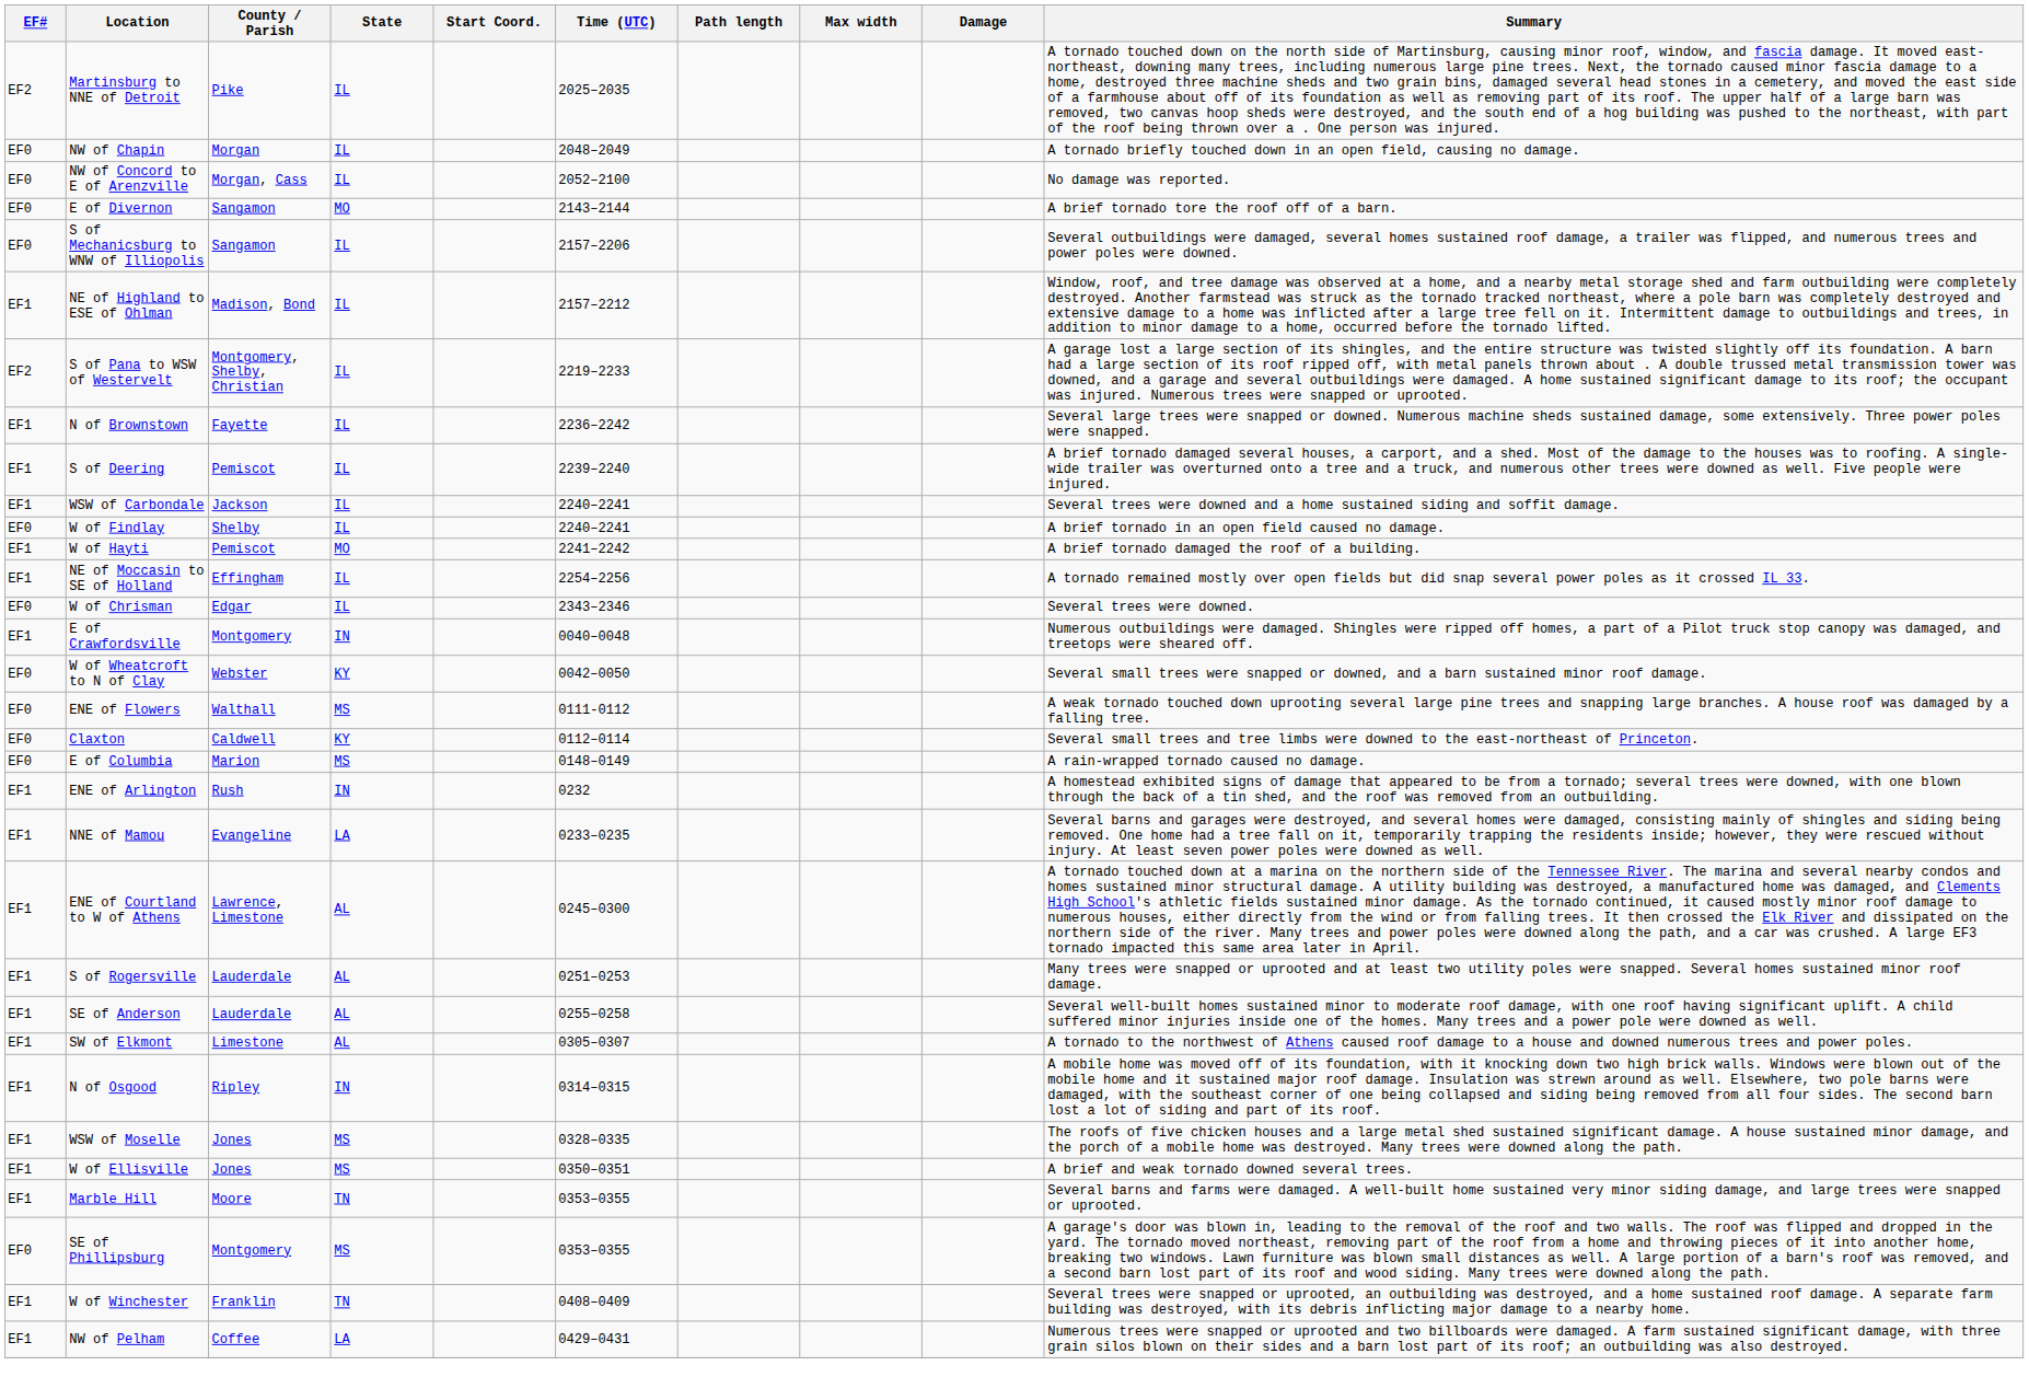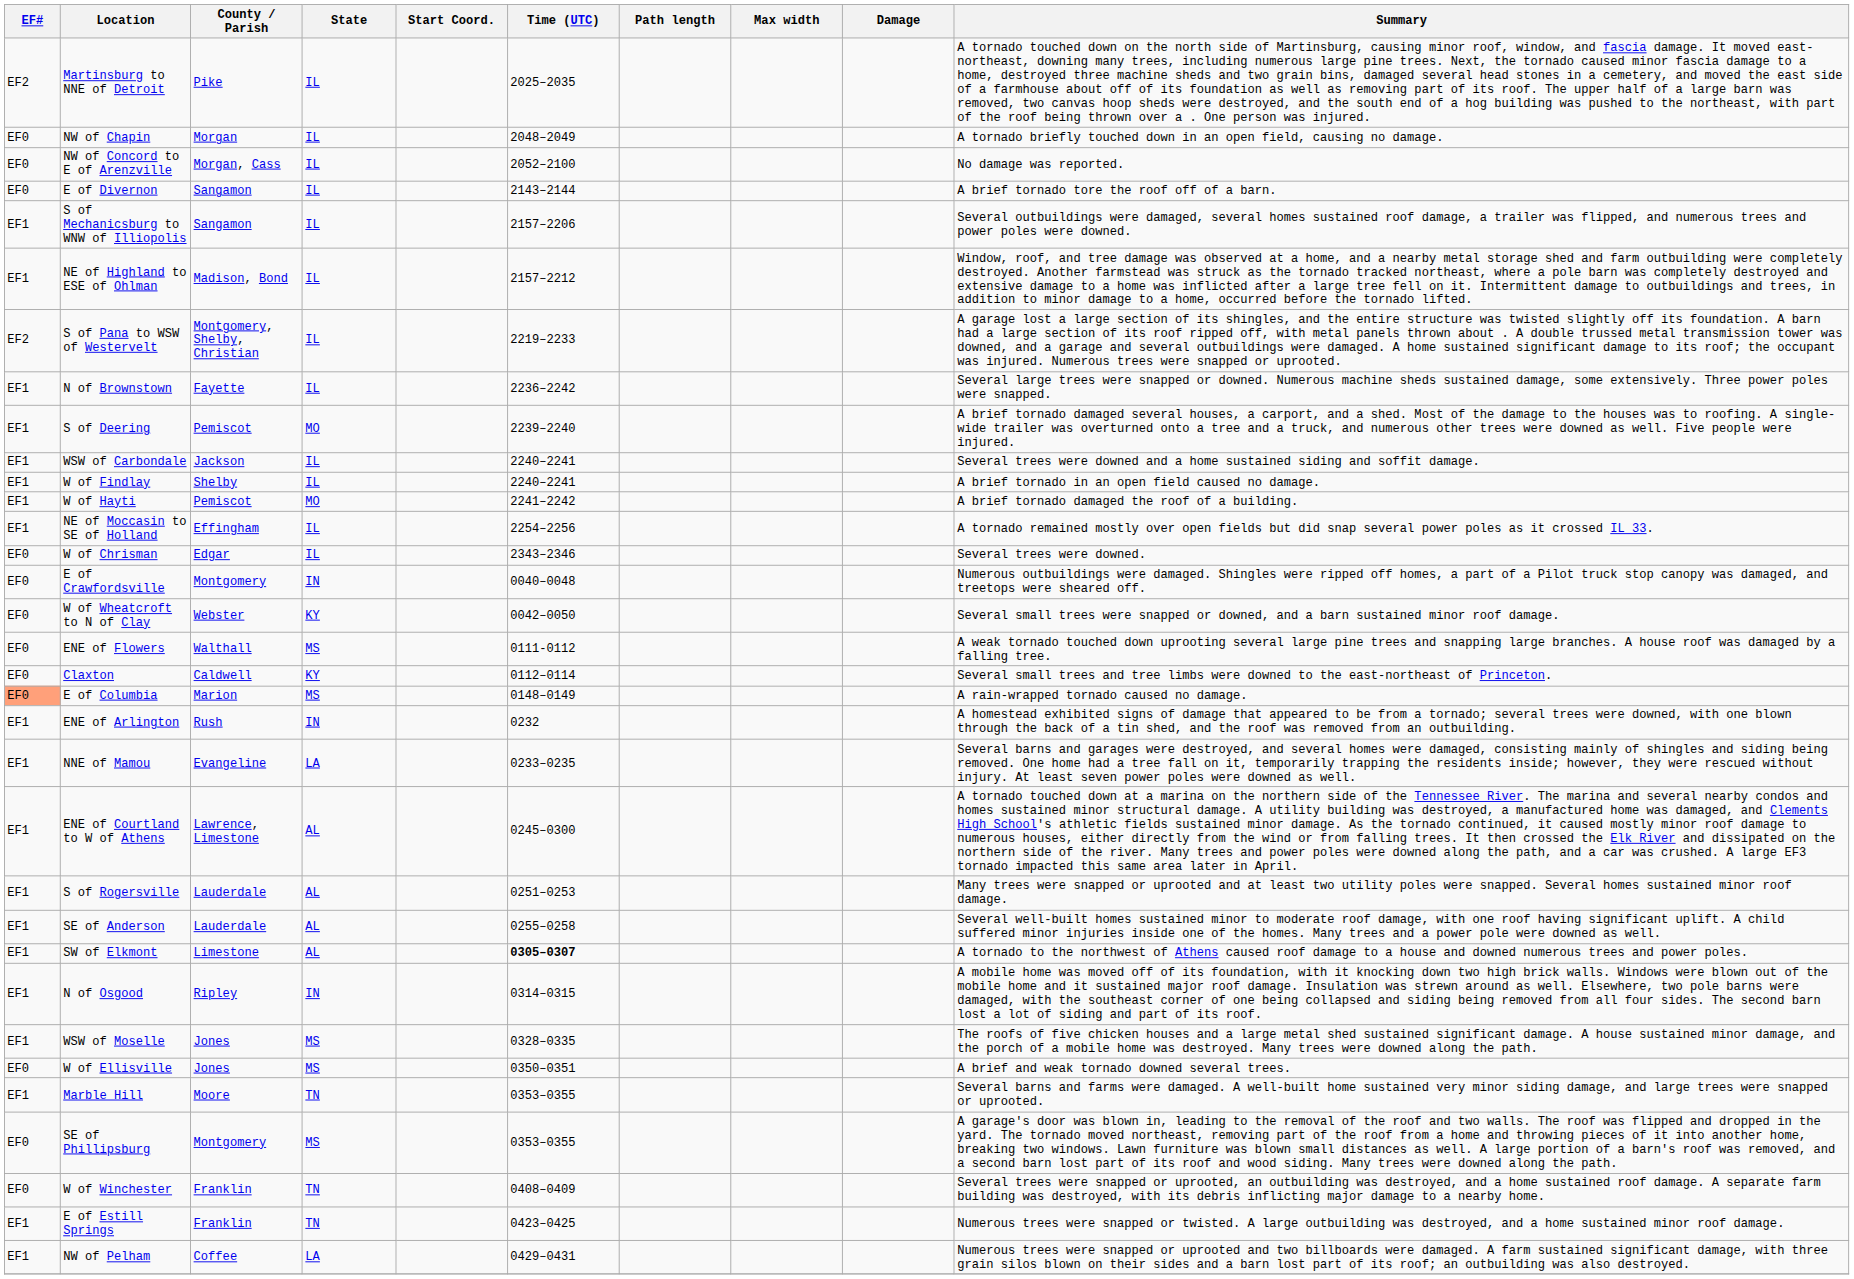 <table class="wikitable sortable" style="width:100%;">
 <tr>
 <th scope="col" width="3%" align="center"><a href='#'>EF#</a></th>
 <th scope="col" width="7%" align="center" class="unsortable">Location</th>
 <th scope="col" width="6%" align="center" class="unsortable">County / Parish</th>
 <th scope="col" width="5%" align="center">State</th>
 <th scope="col" width="6%" align="center">Start Coord.</th>
 <th scope="col" width="6%" align="center">Time (<a href='#'>UTC</a>)</th>
 <th scope="col" width="6%" align="center">Path length</th>
 <th scope="col" width="6%" align="center">Max width</th>
 <th scope="col" width="6%" align="center">Damage</th>
 <th scope="col" width="48%" class="unsortable" align="center">Summary</th>
 </tr>
 <tr>
 <td>EF2</td>
 <td><a href='#'>Martinsburg</a> to NNE of <a href='#'>Detroit</a></td>
 <td><a href='#'>Pike</a></td>
 <td><a href='#'>IL</a></td>
 <td></td>
 <td>2025–2035</td>
 <td></td>
 <td></td>
 <td></td>
 <td>A tornado touched down on the north side of Martinsburg, causing minor roof, window, and <a href='#'>fascia</a> damage. It moved east-northeast, downing many trees, including numerous large pine trees. Next, the tornado caused minor fascia damage to a home, destroyed three machine sheds and two grain bins, damaged several head stones in a cemetery, and moved the east side of a farmhouse about  off of its foundation as well as removing part of its roof. The upper half of a large barn was removed, two canvas hoop sheds were destroyed, and the south end of a hog building was pushed to the northeast, with part of the roof being thrown over a . One person was injured.</td>
 </tr>
 <tr>
 <td>EF0</td>
 <td>NW of <a href='#'>Chapin</a></td>
 <td><a href='#'>Morgan</a></td>
 <td><a href='#'>IL</a></td>
 <td></td>
 <td>2048–2049</td>
 <td></td>
 <td></td>
 <td></td>
 <td>A tornado briefly touched down in an open field, causing no damage.</td>
 </tr>
 <tr>
 <td>EF0</td>
 <td>NW of <a href='#'>Concord</a> to E of <a href='#'>Arenzville</a></td>
 <td><a href='#'>Morgan</a>, <a href='#'>Cass</a></td>
 <td><a href='#'>IL</a></td>
 <td></td>
 <td>2052–2100</td>
 <td></td>
 <td></td>
 <td></td>
 <td>No damage was reported.</td>
 </tr>
 <tr>
 <td>EF0</td>
 <td>E of <a href='#'>Divernon</a></td>
 <td><a href='#'>Sangamon</a></td>
-<td><a href='#'>MO</a></td>
+<td><a href='#'>IL</a></td>
 <td></td>
 <td>2143–2144</td>
 <td></td>
 <td></td>
 <td></td>
 <td>A brief tornado tore the roof off of a barn.</td>
 </tr>
 <tr>
-<td>EF0</td>
+<td>EF1</td>
 <td>S of <a href='#'>Mechanicsburg</a> to WNW of <a href='#'>Illiopolis</a></td>
 <td><a href='#'>Sangamon</a></td>
 <td><a href='#'>IL</a></td>
 <td></td>
 <td>2157–2206</td>
 <td></td>
 <td></td>
 <td></td>
 <td>Several outbuildings were damaged, several homes sustained roof damage, a trailer was flipped, and numerous trees and power poles were downed.</td>
 </tr>
 <tr>
 <td>EF1</td>
 <td>NE of <a href='#'>Highland</a> to ESE of <a href='#'>Ohlman</a></td>
 <td><a href='#'>Madison</a>, <a href='#'>Bond</a></td>
 <td><a href='#'>IL</a></td>
 <td></td>
 <td>2157–2212</td>
 <td></td>
 <td></td>
 <td></td>
 <td>Window, roof, and tree damage was observed at a home, and a nearby metal storage shed and farm outbuilding were completely destroyed. Another farmstead was struck as the tornado tracked northeast, where a pole barn was completely destroyed and extensive damage to a home was inflicted after a large tree fell on it. Intermittent damage to outbuildings and trees, in addition to minor damage to a home, occurred before the tornado lifted.</td>
 </tr>
 <tr>
 <td>EF2</td>
 <td>S of <a href='#'>Pana</a> to WSW of <a href='#'>Westervelt</a></td>
 <td><a href='#'>Montgomery</a>, <a href='#'>Shelby</a>, <a href='#'>Christian</a></td>
 <td><a href='#'>IL</a></td>
 <td></td>
 <td>2219–2233</td>
 <td></td>
 <td></td>
 <td></td>
 <td>A garage lost a large section of its shingles, and the entire structure was twisted slightly off its foundation. A barn had a large section of its roof ripped off, with metal panels thrown about . A double trussed metal transmission tower was downed, and a garage and several outbuildings were damaged. A home sustained significant damage to its roof; the occupant was injured. Numerous trees were snapped or uprooted.</td>
 </tr>
 <tr>
 <td>EF1</td>
 <td>N of <a href='#'>Brownstown</a></td>
 <td><a href='#'>Fayette</a></td>
 <td><a href='#'>IL</a></td>
 <td></td>
 <td>2236–2242</td>
 <td></td>
 <td></td>
 <td></td>
 <td>Several large trees were snapped or downed. Numerous machine sheds sustained damage, some extensively. Three power poles were snapped.</td>
 </tr>
 <tr>
 <td>EF1</td>
 <td>S of <a href='#'>Deering</a></td>
 <td><a href='#'>Pemiscot</a></td>
-<td><a href='#'>IL</a></td>
+<td><a href='#'>MO</a></td>
 <td></td>
 <td>2239–2240</td>
 <td></td>
 <td></td>
 <td></td>
 <td>A brief tornado damaged several houses, a carport, and a shed. Most of the damage to the houses was to roofing. A single-wide trailer was overturned onto a tree and a truck, and numerous other trees were downed as well. Five people were injured.</td>
 </tr>
 <tr>
 <td>EF1</td>
 <td>WSW of <a href='#'>Carbondale</a></td>
 <td><a href='#'>Jackson</a></td>
 <td><a href='#'>IL</a></td>
 <td></td>
 <td>2240–2241</td>
 <td></td>
 <td></td>
 <td></td>
 <td>Several trees were downed and a home sustained siding and soffit damage.</td>
 </tr>
 <tr>
-<td>EF0</td>
+<td>EF1</td>
 <td>W of <a href='#'>Findlay</a></td>
 <td><a href='#'>Shelby</a></td>
 <td><a href='#'>IL</a></td>
 <td></td>
 <td>2240–2241</td>
 <td></td>
 <td></td>
 <td></td>
 <td>A brief tornado in an open field caused no damage.</td>
 </tr>
 <tr>
 <td>EF1</td>
 <td>W of <a href='#'>Hayti</a></td>
 <td><a href='#'>Pemiscot</a></td>
 <td><a href='#'>MO</a></td>
 <td></td>
 <td>2241–2242</td>
 <td></td>
 <td></td>
 <td></td>
 <td>A brief tornado damaged the roof of a building.</td>
 </tr>
 <tr>
 <td>EF1</td>
 <td>NE of <a href='#'>Moccasin</a> to SE of <a href='#'>Holland</a></td>
 <td><a href='#'>Effingham</a></td>
 <td><a href='#'>IL</a></td>
 <td></td>
 <td>2254–2256</td>
 <td></td>
 <td></td>
 <td></td>
 <td>A tornado remained mostly over open fields but did snap several power poles as it crossed <a href='#'>IL 33</a>.</td>
 </tr>
 <tr>
 <td>EF0</td>
 <td>W of <a href='#'>Chrisman</a></td>
 <td><a href='#'>Edgar</a></td>
 <td><a href='#'>IL</a></td>
 <td></td>
 <td>2343–2346</td>
 <td></td>
 <td></td>
 <td></td>
 <td>Several trees were downed.</td>
 </tr>
 <tr>
-<td>EF1</td>
+<td>EF0</td>
 <td>E of <a href='#'>Crawfordsville</a></td>
 <td><a href='#'>Montgomery</a></td>
 <td><a href='#'>IN</a></td>
 <td></td>
 <td>0040–0048</td>
 <td></td>
 <td></td>
 <td></td>
 <td>Numerous outbuildings were damaged. Shingles were ripped off homes, a part of a Pilot truck stop canopy was damaged, and treetops were sheared off.</td>
 </tr>
 <tr>
 <td>EF0</td>
 <td>W of <a href='#'>Wheatcroft</a> to N of <a href='#'>Clay</a></td>
 <td><a href='#'>Webster</a></td>
 <td><a href='#'>KY</a></td>
 <td></td>
 <td>0042–0050</td>
 <td></td>
 <td></td>
 <td></td>
 <td>Several small trees were snapped or downed, and a barn sustained minor roof damage.</td>
 </tr>
 <tr>
 <td>EF0</td>
 <td>ENE of <a href='#'>Flowers</a></td>
 <td><a href='#'>Walthall</a></td>
 <td><a href='#'>MS</a></td>
 <td></td>
 <td>0111-0112</td>
 <td></td>
 <td></td>
 <td></td>
 <td>A weak tornado touched down uprooting several large pine trees and snapping large branches. A house roof was damaged by a falling tree.</td>
 </tr>
 <tr>
 <td>EF0</td>
 <td><a href='#'>Claxton</a></td>
 <td><a href='#'>Caldwell</a></td>
 <td><a href='#'>KY</a></td>
 <td></td>
 <td>0112–0114</td>
 <td></td>
 <td></td>
 <td></td>
 <td>Several small trees and tree limbs were downed to the east-northeast of <a href='#'>Princeton</a>.</td>
 </tr>
 <tr>
-<td>EF0</td>
+<td style="background: lightsalmon;">EF0</td>
 <td>E of <a href='#'>Columbia</a></td>
 <td><a href='#'>Marion</a></td>
 <td><a href='#'>MS</a></td>
 <td></td>
 <td>0148–0149</td>
 <td></td>
 <td></td>
 <td></td>
 <td>A rain-wrapped tornado caused no damage.</td>
 </tr>
 <tr>
 <td>EF1</td>
 <td>ENE of <a href='#'>Arlington</a></td>
 <td><a href='#'>Rush</a></td>
 <td><a href='#'>IN</a></td>
 <td></td>
 <td>0232</td>
 <td></td>
 <td></td>
 <td></td>
 <td>A homestead exhibited signs of damage that appeared to be from a tornado; several trees were downed, with one blown through the back of a tin shed, and the roof was removed from an outbuilding.</td>
 </tr>
 <tr>
 <td>EF1</td>
 <td>NNE of <a href='#'>Mamou</a></td>
 <td><a href='#'>Evangeline</a></td>
 <td><a href='#'>LA</a></td>
 <td></td>
 <td>0233–0235</td>
 <td></td>
 <td></td>
 <td></td>
 <td>Several barns and garages were destroyed, and several homes were damaged, consisting mainly of shingles and siding being removed. One home had a tree fall on it, temporarily trapping the residents inside; however, they were rescued without injury. At least seven power poles were downed as well.</td>
 </tr>
 <tr>
 <td>EF1</td>
 <td>ENE of <a href='#'>Courtland</a> to W of <a href='#'>Athens</a></td>
 <td><a href='#'>Lawrence</a>, <a href='#'>Limestone</a></td>
 <td><a href='#'>AL</a></td>
 <td></td>
 <td>0245–0300</td>
 <td></td>
 <td></td>
 <td></td>
 <td>A tornado touched down at a marina on the northern side of the <a href='#'>Tennessee River</a>. The marina and several nearby condos and homes sustained minor structural damage. A utility building was destroyed, a manufactured home was damaged, and <a href='#'>Clements High School</a>'s athletic fields sustained minor damage. As the tornado continued, it caused mostly minor roof damage to numerous houses, either directly from the wind or from falling trees. It then crossed the <a href='#'>Elk River</a> and dissipated on the northern side of the river. Many trees and power poles were downed along the path, and a car was crushed. A large EF3 tornado impacted this same area later in April.</td>
 </tr>
 <tr>
 <td>EF1</td>
 <td>S of <a href='#'>Rogersville</a></td>
 <td><a href='#'>Lauderdale</a></td>
 <td><a href='#'>AL</a></td>
 <td></td>
 <td>0251–0253</td>
 <td></td>
 <td></td>
 <td></td>
 <td>Many trees were snapped or uprooted and at least two utility poles were snapped. Several homes sustained minor roof damage.</td>
 </tr>
 <tr>
 <td>EF1</td>
 <td>SE of <a href='#'>Anderson</a></td>
 <td><a href='#'>Lauderdale</a></td>
 <td><a href='#'>AL</a></td>
 <td></td>
 <td>0255–0258</td>
 <td></td>
 <td></td>
 <td></td>
 <td>Several well-built homes sustained minor to moderate roof damage, with one roof having significant uplift. A child suffered minor injuries inside one of the homes. Many trees and a power pole were downed as well.</td>
 </tr>
 <tr>
 <td>EF1</td>
 <td>SW of <a href='#'>Elkmont</a></td>
 <td><a href='#'>Limestone</a></td>
 <td><a href='#'>AL</a></td>
 <td></td>
-<td>0305–0307</td>
+<td><strong>0305–0307</strong></td>
 <td></td>
 <td></td>
 <td></td>
 <td>A tornado to the northwest of <a href='#'>Athens</a> caused roof damage to a house and downed numerous trees and power poles.</td>
 </tr>
 <tr>
 <td>EF1</td>
 <td>N of <a href='#'>Osgood</a></td>
 <td><a href='#'>Ripley</a></td>
 <td><a href='#'>IN</a></td>
 <td></td>
 <td>0314–0315</td>
 <td></td>
 <td></td>
 <td></td>
 <td>A mobile home was moved  off of its foundation, with it knocking down two  high brick walls. Windows were blown out of the mobile home and it sustained major roof damage. Insulation was strewn around as well. Elsewhere, two pole barns were damaged, with the southeast corner of one being collapsed and siding being removed from all four sides. The second barn lost a lot of siding and part of its roof.</td>
 </tr>
 <tr>
 <td>EF1</td>
 <td>WSW of <a href='#'>Moselle</a></td>
 <td><a href='#'>Jones</a></td>
 <td><a href='#'>MS</a></td>
 <td></td>
 <td>0328–0335</td>
 <td></td>
 <td></td>
 <td></td>
 <td>The roofs of five chicken houses and a large metal shed sustained significant damage. A house sustained minor damage, and the porch of a mobile home was destroyed. Many trees were downed along the path.</td>
 </tr>
 <tr>
-<td>EF1</td>
+<td>EF0</td>
 <td>W of <a href='#'>Ellisville</a></td>
 <td><a href='#'>Jones</a></td>
 <td><a href='#'>MS</a></td>
 <td></td>
 <td>0350–0351</td>
 <td></td>
 <td></td>
 <td></td>
 <td>A brief and weak tornado downed several trees.</td>
 </tr>
 <tr>
 <td>EF1</td>
 <td><a href='#'>Marble Hill</a></td>
 <td><a href='#'>Moore</a></td>
 <td><a href='#'>TN</a></td>
 <td></td>
 <td>0353–0355</td>
 <td></td>
 <td></td>
 <td></td>
 <td>Several barns and farms were damaged. A well-built home sustained very minor siding damage, and large trees were snapped or uprooted.</td>
 </tr>
 <tr>
 <td>EF0</td>
 <td>SE of <a href='#'>Phillipsburg</a></td>
 <td><a href='#'>Montgomery</a></td>
 <td><a href='#'>MS</a></td>
 <td></td>
 <td>0353–0355</td>
 <td></td>
 <td></td>
 <td></td>
 <td>A garage's door was blown in, leading to the removal of the roof and two walls. The roof was flipped and dropped in the yard. The tornado moved northeast, removing part of the roof from a home and throwing pieces of it into another home, breaking two windows. Lawn furniture was blown small distances as well. A large portion of a barn's roof was removed, and a second barn lost part of its roof and wood siding. Many trees were downed along the path.</td>
 </tr>
 <tr>
-<td>EF1</td>
+<td>EF0</td>
 <td>W of <a href='#'>Winchester</a></td>
 <td><a href='#'>Franklin</a></td>
 <td><a href='#'>TN</a></td>
 <td></td>
 <td>0408–0409</td>
 <td></td>
 <td></td>
 <td></td>
 <td>Several trees were snapped or uprooted, an outbuilding was destroyed, and a home sustained roof damage. A separate farm building was destroyed, with its debris inflicting major damage to a nearby home.</td>
+</tr>
+<tr>
+<td>EF1</td>
+<td>E of <a href='#'>Estill Springs</a></td>
+<td><a href='#'>Franklin</a></td>
+<td><a href='#'>TN</a></td>
+<td></td>
+<td>0423–0425</td>
+<td></td>
+<td></td>
+<td></td>
+<td>Numerous trees were snapped or twisted. A large outbuilding was destroyed, and a home sustained minor roof damage.</td>
 </tr>
 <tr>
 <td>EF1</td>
 <td>NW of <a href='#'>Pelham</a></td>
 <td><a href='#'>Coffee</a></td>
 <td><a href='#'>LA</a></td>
 <td></td>
 <td>0429–0431</td>
 <td></td>
 <td></td>
 <td></td>
 <td>Numerous trees were snapped or uprooted and two billboards were damaged. A farm sustained significant damage, with three grain silos blown on their sides and a barn lost part of its roof; an outbuilding was also destroyed.</td>
 </tr>
 <tr>
 </tr>
 </table>
